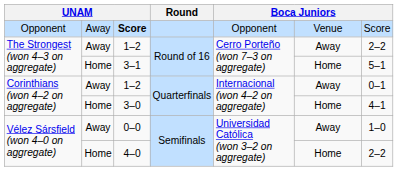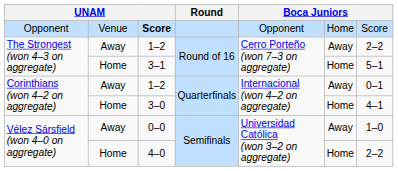 <table class="wikitable" style="text-align: center;">
 <tr>
 <th colspan=3><a href='#'>UNAM</a></th>
 <th>Round</th>
 <th colspan=3><a href='#'>Boca Juniors</a></th>
 </tr>
 <tr bgcolor=#c1e0ff>
 <td width=25%>Opponent</td>
-<td>Away</td>
+<td width=15%>Venue</td>
 <td width=10%><strong>Score</strong></td>
 <td width=10%></td>
 <td width=25%>Opponent</td>
-<td width=25%>Venue</td>
+<td>Home</td>
 <td width=10%>Score</td>
 </tr>
 <tr>
 <td rowspan=2 align=left> <a href='#'>The Strongest</a><br><em>(won 4–3 on aggregate)</em></td>
 <td>Away</td>
 <td>1–2</td>
 <td rowspan=2 bgcolor=#c1e0ff>Round of 16</td>
 <td rowspan=2 align=left> <a href='#'>Cerro Porteño</a><br><em>(won 7–3 on aggregate)</em></td>
 <td>Away</td>
 <td>2–2</td>
 </tr>
 <tr>
 <td>Home</td>
 <td>3–1</td>
 <td>Home</td>
 <td>5–1</td>
 </tr>
 <tr>
 <td rowspan=2 align=left> <a href='#'>Corinthians</a><br><em>(won 4–2 on aggregate)</em></td>
 <td>Away</td>
 <td>1–2</td>
 <td rowspan=2 bgcolor=#c1e0ff>Quarterfinals</td>
 <td rowspan=2 align=left> <a href='#'>Internacional</a><br><em>(won 4–2 on aggregate)</em></td>
 <td>Away</td>
 <td>0–1</td>
 </tr>
 <tr>
 <td>Home</td>
 <td>3–0</td>
 <td>Home</td>
 <td>4–1</td>
 </tr>
 <tr>
 <td rowspan=2 align=left> <a href='#'>Vélez Sársfield</a><br><em>(won 4–0 on aggregate)</em></td>
 <td>Away</td>
 <td>0–0</td>
 <td rowspan=2 bgcolor=#c1e0ff>Semifinals</td>
 <td rowspan=2 align=left> <a href='#'>Universidad Católica</a><br><em>(won 3–2 on aggregate)</em></td>
 <td>Away</td>
 <td>1–0</td>
 </tr>
 <tr>
 <td>Home</td>
 <td>4–0</td>
 <td>Home</td>
 <td>2–2</td>
 </tr>
 </table>
